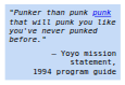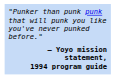 <table class="toccolours" style="float: right; margin-left: 1em; margin-right: 2em; font-size: 85%; background:#c6dbf7; color:black; width:15em; max-width: 40%;" cellspacing="5">
 <tr>
 <td style="text-align: left;"><em>"Punker than punk <a href='#'>punk</a> that will punk you like you've never punked before."</em></td>
 </tr>
 <tr>
-<td style="text-align: right;">– Yoyo mission statement,<br>1994 program guide</td>
+<td style="text-align: right;"><strong>– Yoyo mission statement,<br>1994 program guide</strong></td>
 </tr>
 </table>
